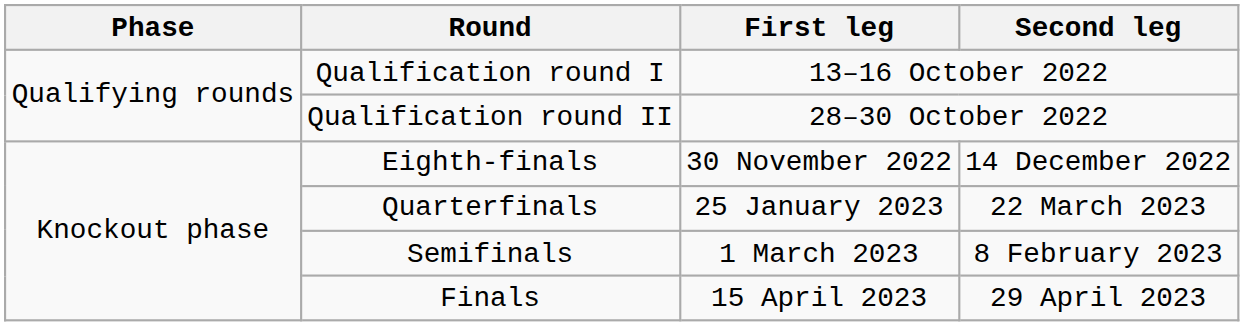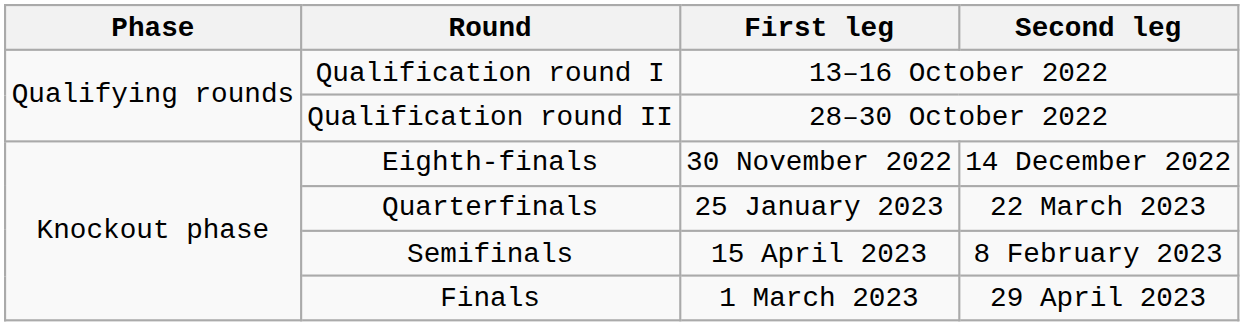 <table class="wikitable" style="text-align:center">
 <tr>
 <th>Phase</th>
 <th>Round</th>
 <th>First leg</th>
 <th>Second leg</th>
 </tr>
 <tr>
 <td rowspan=2>Qualifying rounds</td>
 <td>Qualification round I</td>
 <td colspan=2>13–16 October 2022</td>
 </tr>
 <tr>
 <td>Qualification round II</td>
 <td colspan=2>28–30 October 2022</td>
 </tr>
 <tr>
 <td rowspan=4>Knockout phase</td>
 <td>Eighth-finals</td>
 <td>30 November 2022</td>
 <td>14 December 2022</td>
 </tr>
 <tr>
 <td>Quarterfinals</td>
 <td>25 January 2023</td>
 <td>22 March 2023</td>
 </tr>
 <tr>
 <td>Semifinals</td>
-<td>1 March 2023</td>
+<td>15 April 2023</td>
 <td>8 February 2023</td>
 </tr>
 <tr>
 <td>Finals</td>
-<td>15 April 2023</td>
+<td>1 March 2023</td>
 <td>29 April 2023</td>
 </tr>
 </table>
